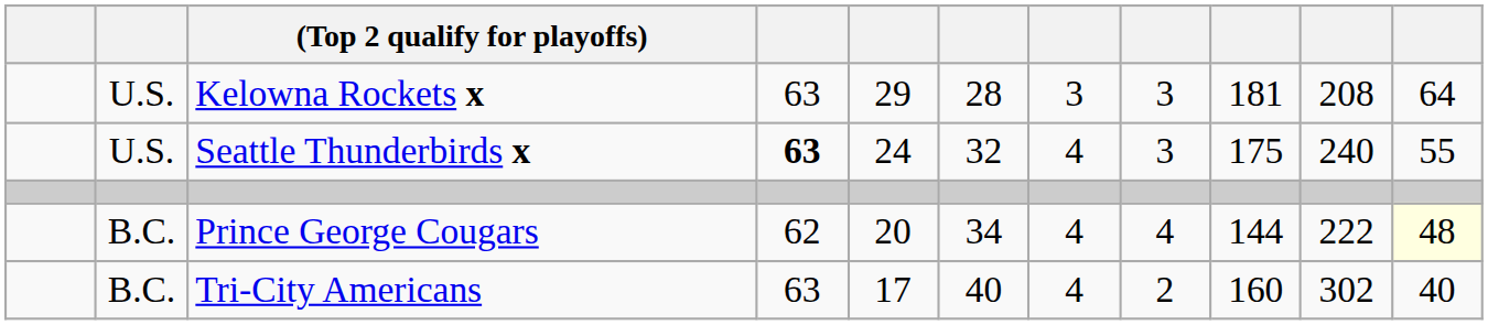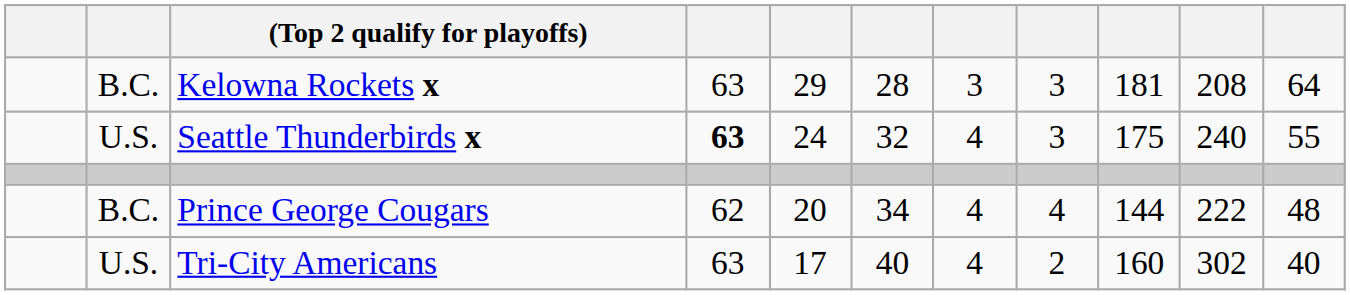 <table class="wikitable sortable">
 <tr>
 <th style="width:2em"></th>
 <th style="width:2em;"></th>
 <th style="width:15em;" class="unsortable"><small>(Top 2 qualify for playoffs)</small></th>
 <th style="width:2em;"></th>
 <th style="width:2em;"></th>
 <th style="width:2em;"></th>
 <th style="width:2em;"></th>
 <th style="width:2em;"></th>
 <th style="width:2em;"></th>
 <th style="width:2em;"></th>
 <th style="width:2em;"></th>
 </tr>
 <tr style="font-weight: ; text-align: center;">
 <td></td>
-<td>U.S.</td>
+<td>B.C.</td>
 <td style="text-align:left;"><a href='#'>Kelowna Rockets</a> <strong>x</strong></td>
 <td>63</td>
 <td>29</td>
 <td>28</td>
 <td>3</td>
 <td>3</td>
 <td>181</td>
 <td>208</td>
 <td>64</td>
 </tr>
 <tr style="text-align: center;">
 <td></td>
 <td>U.S.</td>
 <td style="text-align:left;"><a href='#'>Seattle Thunderbirds</a> <strong>x</strong></td>
 <td><strong>63</strong></td>
 <td>24</td>
 <td>32</td>
 <td>4</td>
 <td>3</td>
 <td>175</td>
 <td>240</td>
 <td>55</td>
 </tr>
 <tr style="color:#cccccc;background-color:#cccccc">
 <td style="height:2px"></td>
 <td></td>
 <td></td>
 <td></td>
 <td></td>
 <td></td>
 <td></td>
 <td></td>
 <td></td>
 <td></td>
 <td></td>
 </tr>
 <tr style="font-weight: ; text-align: center;">
 <td></td>
 <td>B.C.</td>
 <td style="text-align:left;"><a href='#'>Prince George Cougars</a></td>
 <td>62</td>
 <td>20</td>
 <td>34</td>
 <td>4</td>
 <td>4</td>
 <td>144</td>
 <td>222</td>
-<td style="background: lightyellow;">48</td>
+<td>48</td>
 </tr>
 <tr style="font-weight: ; text-align: center;">
 <td></td>
-<td>B.C.</td>
+<td>U.S.</td>
 <td style="text-align:left;"><a href='#'>Tri-City Americans</a></td>
 <td>63</td>
 <td>17</td>
 <td>40</td>
 <td>4</td>
 <td>2</td>
 <td>160</td>
 <td>302</td>
 <td>40</td>
 </tr>
 </table>
